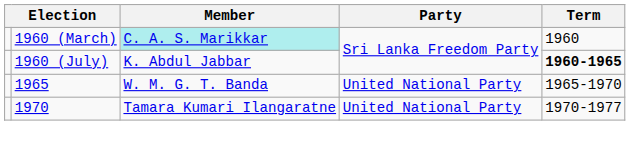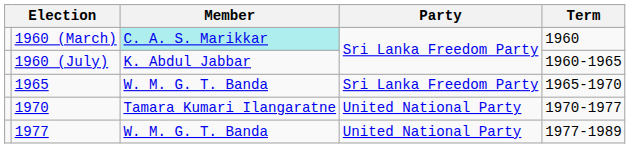 <table class="wikitable">
 <tr>
 <th colspan="2">Election</th>
 <th>Member</th>
 <th>Party</th>
 <th>Term</th>
 </tr>
 <tr>
 <td style="background-color: "></td>
 <td><a href='#'>1960 (March)</a></td>
 <td style="background: paleturquoise;"><a href='#'>C. A. S. Marikkar</a></td>
 <td rowspan=2><a href='#'>Sri Lanka Freedom Party</a></td>
 <td>1960</td>
 </tr>
 <tr>
 <td style="background-color: "></td>
 <td><a href='#'>1960 (July)</a></td>
 <td><a href='#'>K. Abdul Jabbar</a></td>
-<td><strong>1960-1965</strong></td>
+<td>1960-1965</td>
 </tr>
 <tr>
 <td style="background-color: "></td>
 <td><a href='#'>1965</a></td>
 <td><a href='#'>W. M. G. T. Banda</a></td>
-<td><a href='#'>United National Party</a></td>
+<td><a href='#'>Sri Lanka Freedom Party</a></td>
 <td>1965-1970</td>
 </tr>
 <tr>
 <td style="background-color: "></td>
 <td><a href='#'>1970</a></td>
 <td><a href='#'>Tamara Kumari Ilangaratne</a></td>
 <td><a href='#'>United National Party</a></td>
 <td>1970-1977</td>
 </tr>
+<tr>
+<td style="background-color: "></td>
+<td><a href='#'>1977</a></td>
+<td><a href='#'>W. M. G. T. Banda</a></td>
+<td><a href='#'>United National Party</a></td>
+<td>1977-1989</td>
+</tr>
 </table>
